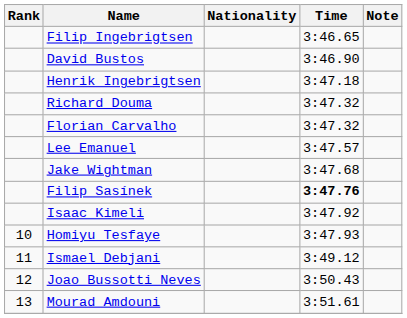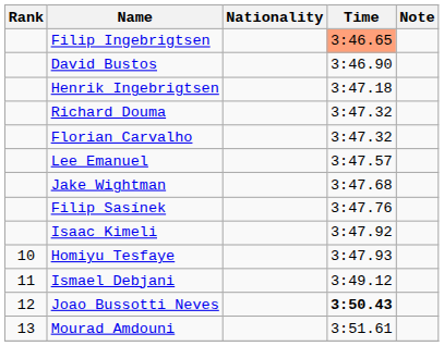 <table class="wikitable sortable" style="text-align:center">
 <tr>
 <th>Rank</th>
 <th>Name</th>
 <th>Nationality</th>
 <th>Time</th>
 <th>Note</th>
 </tr>
 <tr>
 <td></td>
 <td align="left"><a href='#'>Filip Ingebrigtsen</a></td>
 <td align=left></td>
-<td>3:46.65</td>
+<td style="background: lightsalmon;">3:46.65</td>
 <td></td>
 </tr>
 <tr>
 <td></td>
 <td align="left"><a href='#'>David Bustos</a></td>
 <td align=left></td>
 <td>3:46.90</td>
 <td></td>
 </tr>
 <tr>
 <td></td>
 <td align="left"><a href='#'>Henrik Ingebrigtsen</a></td>
 <td align=left></td>
 <td>3:47.18</td>
 <td></td>
 </tr>
 <tr>
 <td></td>
 <td align="left"><a href='#'>Richard Douma</a></td>
 <td align=left></td>
 <td>3:47.32</td>
 <td></td>
 </tr>
 <tr>
 <td></td>
 <td align="left"><a href='#'>Florian Carvalho</a></td>
 <td align=left></td>
 <td>3:47.32</td>
 <td></td>
 </tr>
 <tr>
 <td></td>
 <td align="left"><a href='#'>Lee Emanuel</a></td>
 <td align=left></td>
 <td>3:47.57</td>
 <td></td>
 </tr>
 <tr>
 <td></td>
 <td align="left"><a href='#'>Jake Wightman</a></td>
 <td align=left></td>
 <td>3:47.68</td>
 <td></td>
 </tr>
 <tr>
 <td></td>
 <td align="left"><a href='#'>Filip Sasínek</a></td>
 <td align=left></td>
-<td><strong>3:47.76</strong></td>
+<td>3:47.76</td>
 <td></td>
 </tr>
 <tr>
 <td></td>
 <td align="left"><a href='#'>Isaac Kimeli</a></td>
 <td align=left></td>
 <td>3:47.92</td>
 <td></td>
 </tr>
 <tr>
 <td>10</td>
 <td align="left"><a href='#'>Homiyu Tesfaye</a></td>
 <td align=left></td>
 <td>3:47.93</td>
 <td></td>
 </tr>
 <tr>
 <td>11</td>
 <td align="left"><a href='#'>Ismael Debjani</a></td>
 <td align=left></td>
 <td>3:49.12</td>
 <td></td>
 </tr>
 <tr>
 <td>12</td>
 <td align="left"><a href='#'>Joao Bussotti Neves</a></td>
 <td align=left></td>
-<td>3:50.43</td>
+<td><strong>3:50.43</strong></td>
 <td></td>
 </tr>
 <tr>
 <td>13</td>
 <td align="left"><a href='#'>Mourad Amdouni</a></td>
 <td align=left></td>
 <td>3:51.61</td>
 <td></td>
 </tr>
 <tr>
 </tr>
 </table>
